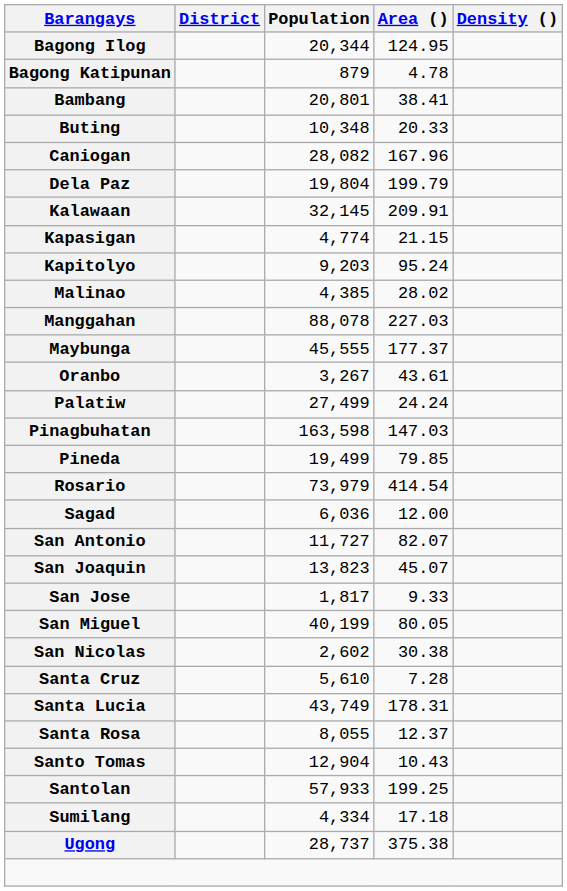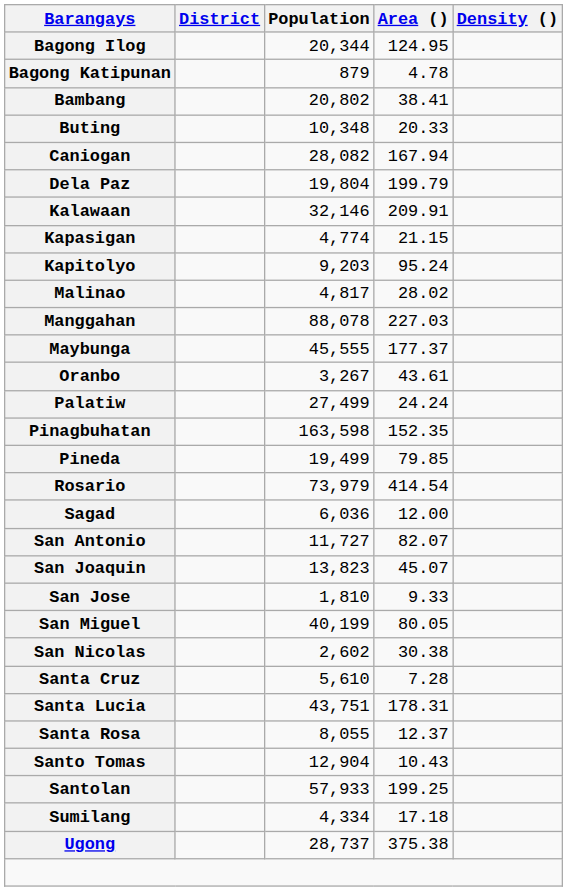 <table class="wikitable sortable plainrowheaders" style="text-align:right;">
 <tr>
 <th scope="col"><a href='#'>Barangays</a></th>
 <th scope="col"><a href='#'>District</a></th>
 <th scope="col">Population</th>
 <th scope="col"><a href='#'>Area</a> ()</th>
 <th scope="col"><a href='#'>Density</a> ()</th>
 </tr>
 <tr>
 <th scope="row">Bagong Ilog</th>
 <td></td>
 <td>20,344</td>
 <td>124.95</td>
 <td></td>
 </tr>
 <tr>
 <th scope="row">Bagong Katipunan</th>
 <td></td>
 <td>879</td>
 <td>4.78</td>
 <td></td>
 </tr>
 <tr>
 <th scope="row">Bambang</th>
 <td></td>
-<td>20,801</td>
+<td>20,802</td>
 <td>38.41</td>
 <td></td>
 </tr>
 <tr>
 <th scope="row">Buting</th>
 <td></td>
 <td>10,348</td>
 <td>20.33</td>
 <td></td>
 </tr>
 <tr>
 <th scope="row">Caniogan</th>
 <td></td>
 <td>28,082</td>
-<td>167.96</td>
+<td>167.94</td>
 <td></td>
 </tr>
 <tr>
 <th scope="row">Dela Paz</th>
 <td></td>
 <td>19,804</td>
 <td>199.79</td>
 <td></td>
 </tr>
 <tr>
 <th scope="row">Kalawaan</th>
 <td></td>
-<td>32,145</td>
+<td>32,146</td>
 <td>209.91</td>
 <td></td>
 </tr>
 <tr>
 <th scope="row">Kapasigan</th>
 <td></td>
 <td>4,774</td>
 <td>21.15</td>
 <td></td>
 </tr>
 <tr>
 <th scope="row">Kapitolyo</th>
 <td></td>
 <td>9,203</td>
 <td>95.24</td>
 <td></td>
 </tr>
 <tr>
 <th scope="row">Malinao</th>
 <td></td>
-<td>4,385</td>
+<td>4,817</td>
 <td>28.02</td>
 <td></td>
 </tr>
 <tr>
 <th scope="row">Manggahan</th>
 <td></td>
 <td>88,078</td>
 <td>227.03</td>
 <td></td>
 </tr>
 <tr>
 <th scope="row">Maybunga</th>
 <td></td>
 <td>45,555</td>
 <td>177.37</td>
 <td></td>
 </tr>
 <tr>
 <th scope="row">Oranbo</th>
 <td></td>
 <td>3,267</td>
 <td>43.61</td>
 <td></td>
 </tr>
 <tr>
 <th scope="row">Palatiw</th>
 <td></td>
 <td>27,499</td>
 <td>24.24</td>
 <td></td>
 </tr>
 <tr>
 <th scope="row">Pinagbuhatan</th>
 <td></td>
 <td>163,598</td>
-<td>147.03</td>
+<td>152.35</td>
 <td></td>
 </tr>
 <tr>
 <th scope="row">Pineda</th>
 <td></td>
 <td>19,499</td>
 <td>79.85</td>
 <td></td>
 </tr>
 <tr>
 <th scope="row">Rosario</th>
 <td></td>
 <td>73,979</td>
 <td>414.54</td>
 <td></td>
 </tr>
 <tr>
 <th scope="row">Sagad</th>
 <td></td>
 <td>6,036</td>
 <td>12.00</td>
 <td></td>
 </tr>
 <tr>
 <th scope="row">San Antonio</th>
 <td></td>
 <td>11,727</td>
 <td>82.07</td>
 <td></td>
 </tr>
 <tr>
 <th scope="row">San Joaquin</th>
 <td></td>
 <td>13,823</td>
 <td>45.07</td>
 <td></td>
 </tr>
 <tr>
 <th scope="row">San Jose</th>
 <td></td>
-<td>1,817</td>
+<td>1,810</td>
 <td>9.33</td>
 <td></td>
 </tr>
 <tr>
 <th scope="row">San Miguel</th>
 <td></td>
 <td>40,199</td>
 <td>80.05</td>
 <td></td>
 </tr>
 <tr>
 <th scope="row">San Nicolas</th>
 <td></td>
 <td>2,602</td>
 <td>30.38</td>
 <td></td>
 </tr>
 <tr>
 <th scope="row">Santa Cruz</th>
 <td></td>
 <td>5,610</td>
 <td>7.28</td>
 <td></td>
 </tr>
 <tr>
 <th scope="row">Santa Lucia</th>
 <td></td>
-<td>43,749</td>
+<td>43,751</td>
 <td>178.31</td>
 <td></td>
 </tr>
 <tr>
 <th scope="row">Santa Rosa</th>
 <td></td>
 <td>8,055</td>
 <td>12.37</td>
 <td></td>
 </tr>
 <tr>
 <th scope="row">Santo Tomas</th>
 <td></td>
 <td>12,904</td>
 <td>10.43</td>
 <td></td>
 </tr>
 <tr>
 <th scope="row">Santolan</th>
 <td></td>
 <td>57,933</td>
 <td>199.25</td>
 <td></td>
 </tr>
 <tr>
 <th scope="row">Sumilang</th>
 <td></td>
 <td>4,334</td>
 <td>17.18</td>
 <td></td>
 </tr>
 <tr>
 <th scope="row"><a href='#'>Ugong</a></th>
 <td></td>
 <td>28,737</td>
 <td>375.38</td>
 <td></td>
 </tr>
 <tr class="sortbottom">
 <td colspan="5"><br></td>
 </tr>
 </table>
